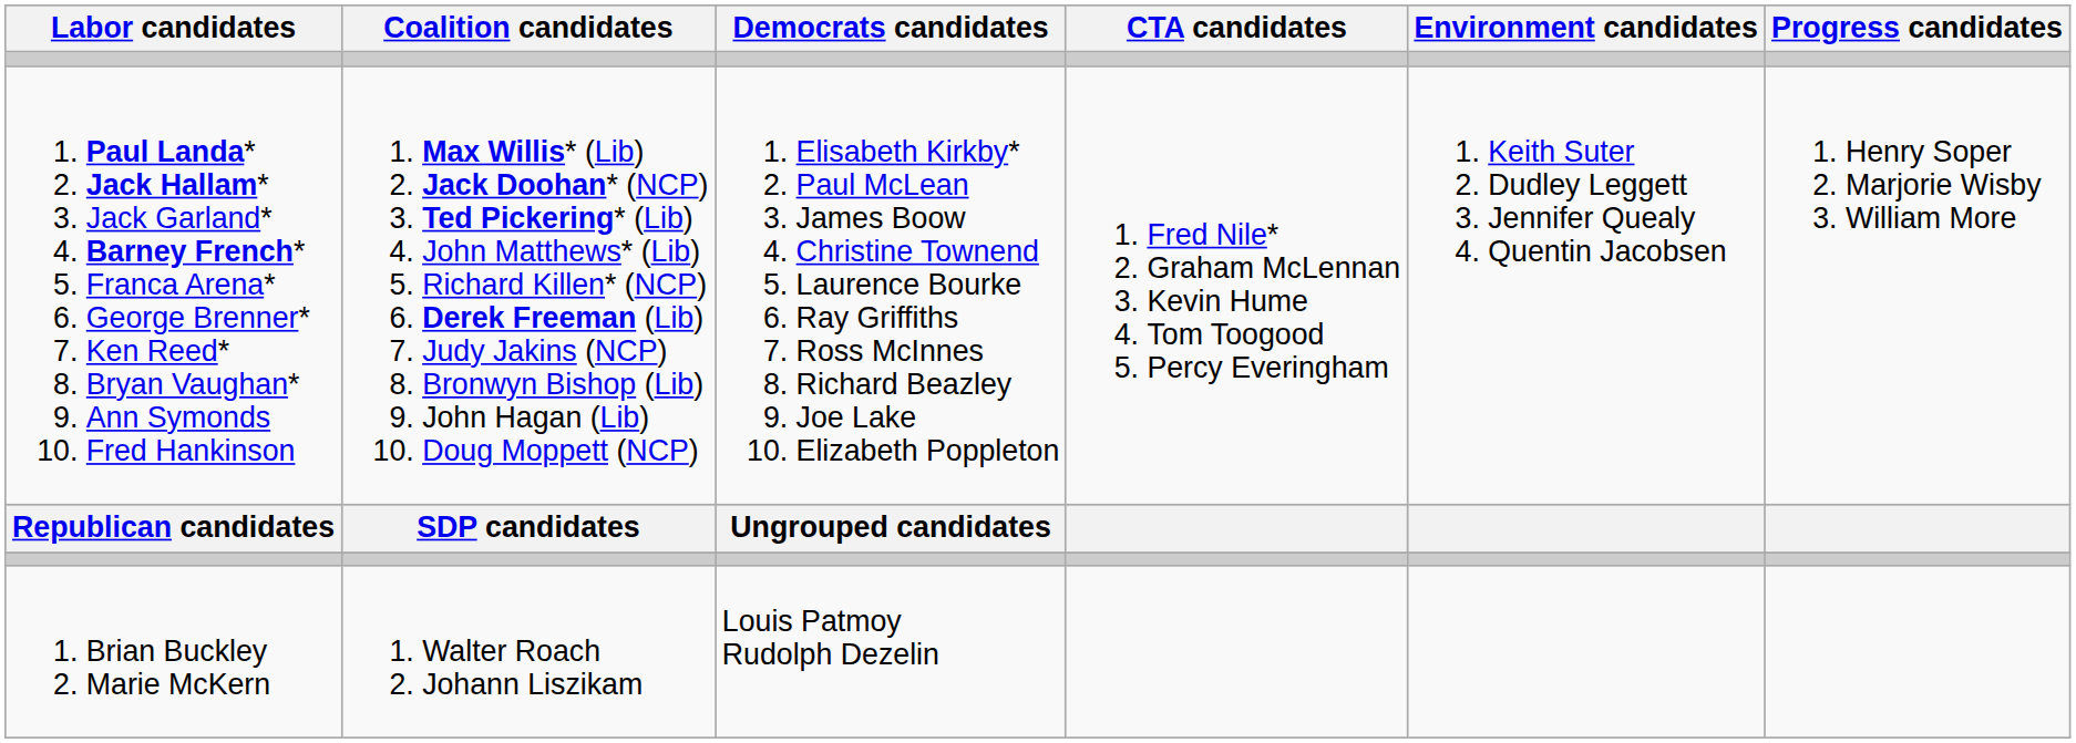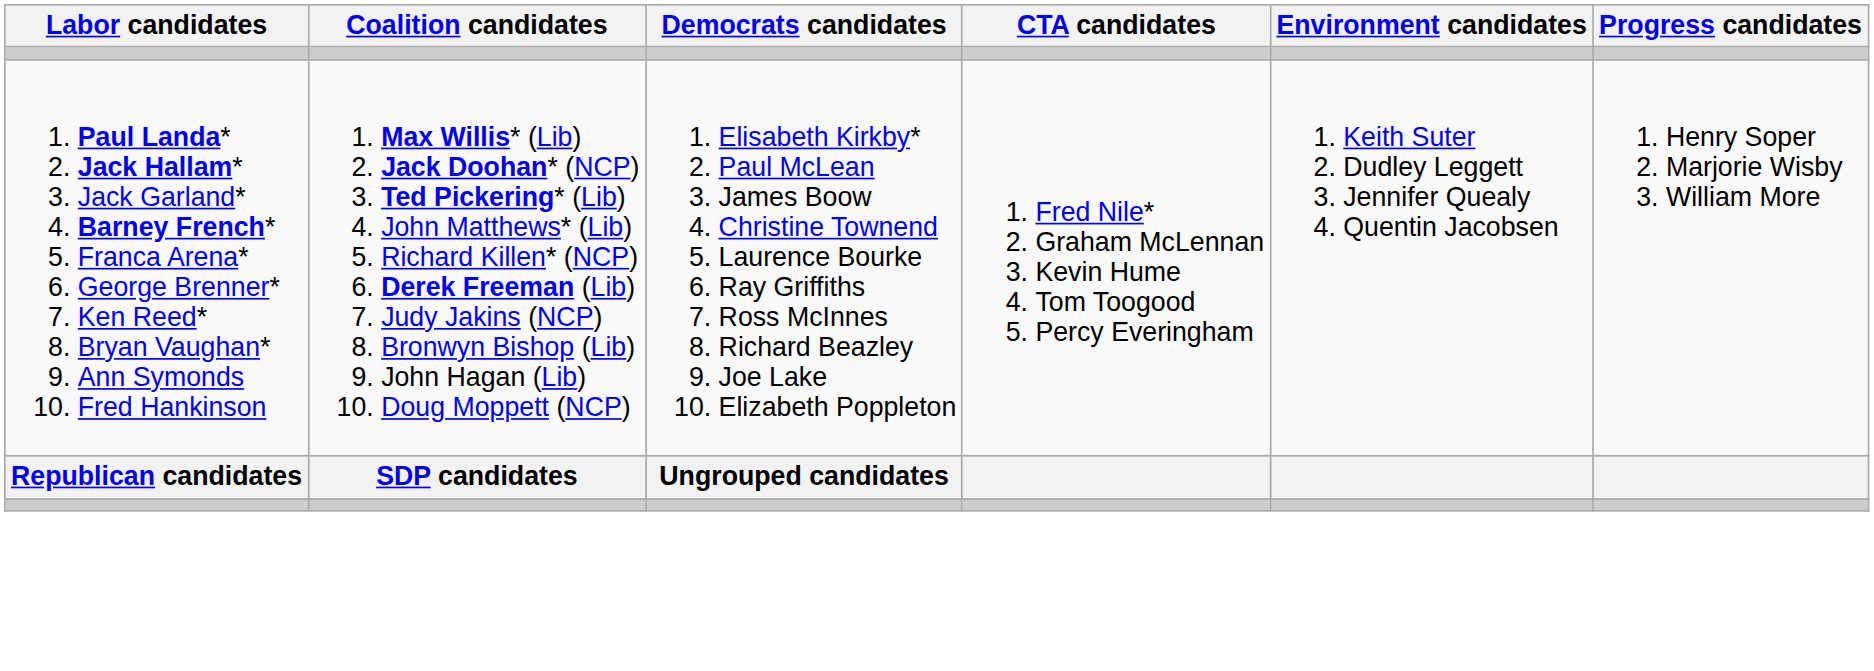 <table class="wikitable">
 <tr>
 <th><a href='#'>Labor</a> candidates</th>
 <th><a href='#'>Coalition</a> candidates</th>
 <th><a href='#'>Democrats</a> candidates</th>
 <th><a href='#'>CTA</a> candidates</th>
 <th><a href='#'>Environment</a> candidates</th>
 <th><a href='#'>Progress</a> candidates</th>
 </tr>
 <tr bgcolor="#cccccc">
 <td></td>
 <td></td>
 <td></td>
 <td></td>
 <td></td>
 <td></td>
 </tr>
 <tr>
 <td><br><ol><li><strong><a href='#'>Paul Landa</a></strong>*</li><li><strong><a href='#'>Jack Hallam</a></strong>*</li><li><a href='#'>Jack Garland</a>*</li><li><strong><a href='#'>Barney French</a></strong>*</li><li><a href='#'>Franca Arena</a>*</li><li><a href='#'>George Brenner</a>*</li><li><a href='#'>Ken Reed</a>*</li><li><a href='#'>Bryan Vaughan</a>*</li><li><a href='#'>Ann Symonds</a></li><li><a href='#'>Fred Hankinson</a></li></ol></td>
 <td><br><ol><li><strong><a href='#'>Max Willis</a></strong>* (<a href='#'>Lib</a>)</li><li><strong><a href='#'>Jack Doohan</a></strong>* (<a href='#'>NCP</a>)</li><li><strong><a href='#'>Ted Pickering</a></strong>* (<a href='#'>Lib</a>)</li><li><a href='#'>John Matthews</a>* (<a href='#'>Lib</a>)</li><li><a href='#'>Richard Killen</a>* (<a href='#'>NCP</a>)</li><li><strong><a href='#'>Derek Freeman</a></strong> (<a href='#'>Lib</a>)</li><li><a href='#'>Judy Jakins</a> (<a href='#'>NCP</a>)</li><li><a href='#'>Bronwyn Bishop</a> (<a href='#'>Lib</a>)</li><li>John Hagan (<a href='#'>Lib</a>)</li><li><a href='#'>Doug Moppett</a> (<a href='#'>NCP</a>)</li></ol></td>
 <td><br><ol><li><a href='#'>Elisabeth Kirkby</a>*</li><li><a href='#'>Paul McLean</a></li><li>James Boow</li><li><a href='#'>Christine Townend</a></li><li>Laurence Bourke</li><li>Ray Griffiths</li><li>Ross McInnes</li><li>Richard Beazley</li><li>Joe Lake</li><li>Elizabeth Poppleton</li></ol></td>
 <td><br><ol><li><a href='#'>Fred Nile</a>*</li><li>Graham McLennan</li><li>Kevin Hume</li><li>Tom Toogood</li><li>Percy Everingham</li></ol></td>
 <td valign=top><br><ol><li><a href='#'>Keith Suter</a></li><li>Dudley Leggett</li><li>Jennifer Quealy</li><li>Quentin Jacobsen</li></ol></td>
 <td valign=top><br><ol><li>Henry Soper</li><li>Marjorie Wisby</li><li>William More</li></ol></td>
 </tr>
 <tr bgcolor="#cccccc">
 <th><a href='#'>Republican</a> candidates</th>
 <th><a href='#'>SDP</a> candidates</th>
 <th>Ungrouped candidates</th>
 <th></th>
 <th></th>
 <th></th>
 </tr>
 <tr bgcolor="#cccccc">
 <td></td>
 <td></td>
 <td></td>
 <td></td>
 <td></td>
 <td></td>
 </tr>
-<tr>
-<td valign=top><br><ol><li>Brian Buckley</li><li>Marie McKern</li></ol></td>
-<td valign=top><br><ol><li>Walter Roach</li><li>Johann Liszikam</li></ol></td>
-<td valign=top><br>Louis Patmoy<br> Rudolph Dezelin</td>
-<td valign=top></td>
-<td valign=top></td>
-<td valign=top></td>
-</tr>
 </table>
